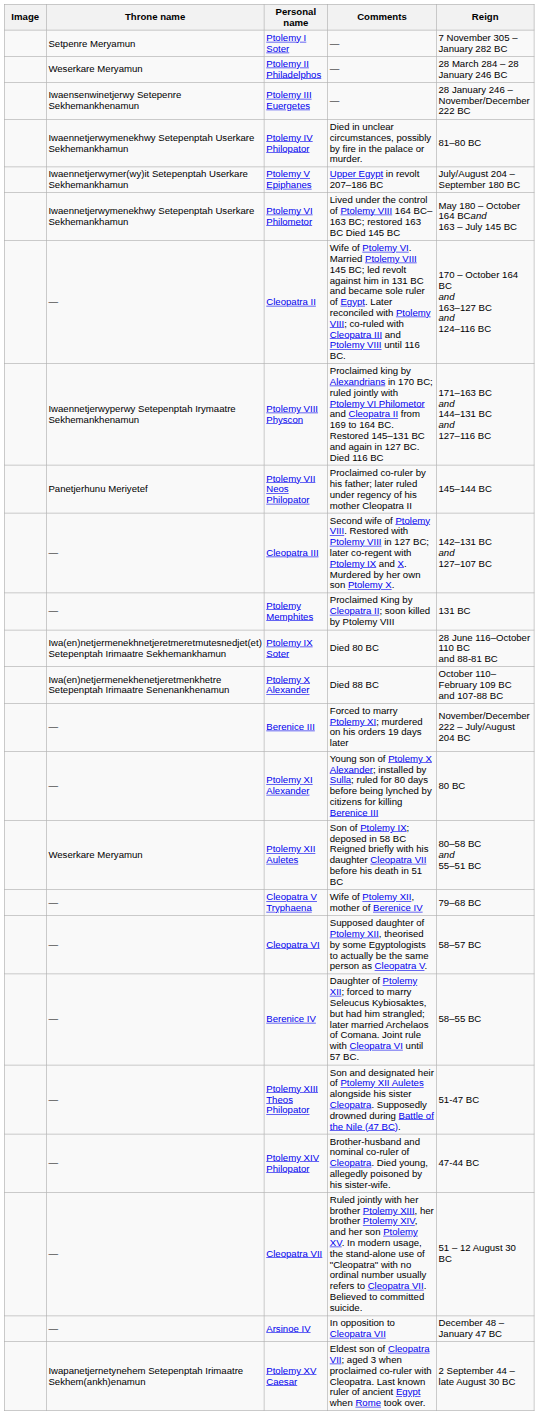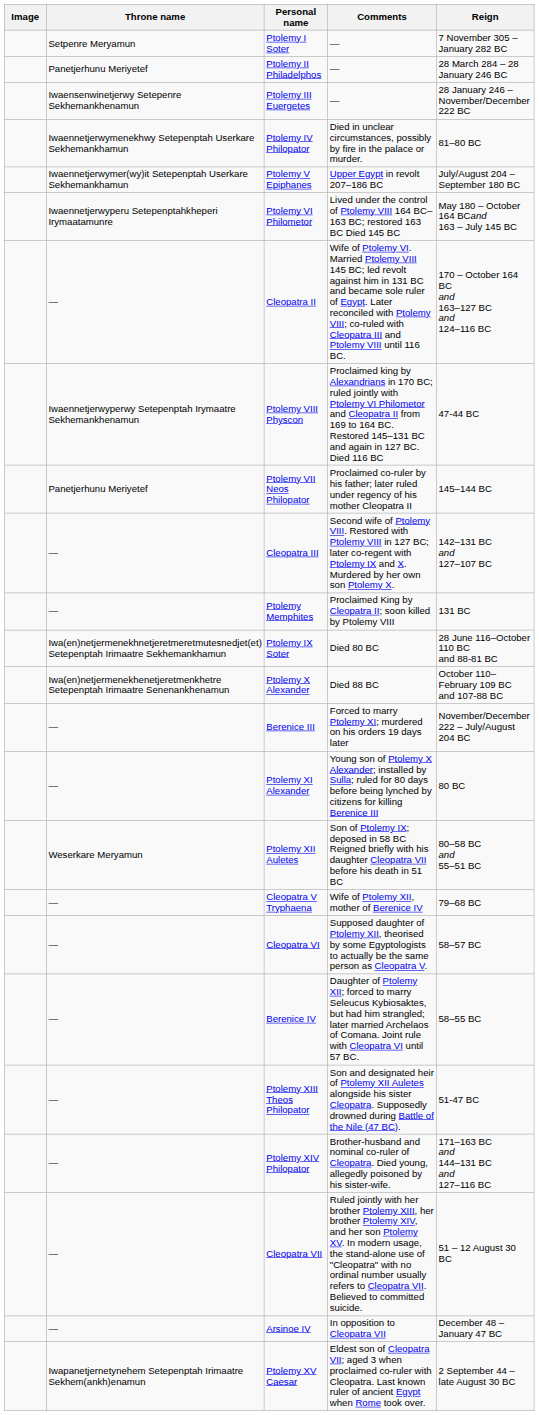 <table class="wikitable" width="100%">
 <tr>
 <th width="15%">Image</th>
 <th>Throne name</th>
 <th width="15%">Personal name</th>
 <th width="50%">Comments</th>
 <th width="20%">Reign</th>
 </tr>
 <tr>
 <td></td>
 <td>Setpenre Meryamun</td>
 <td><a href='#'>Ptolemy I Soter</a></td>
 <td>—</td>
 <td>7 November 305 – January 282 BC</td>
 </tr>
 <tr>
 <td></td>
-<td>Weserkare Meryamun</td>
+<td>Panetjerhunu Meriyetef</td>
 <td><a href='#'>Ptolemy II Philadelphos</a></td>
 <td>—</td>
 <td>28 March 284 – 28 January 246 BC</td>
 </tr>
 <tr>
 <td></td>
 <td>Iwaensenwinetjerwy Setepenre Sekhemankhenamun</td>
 <td><a href='#'>Ptolemy III Euergetes</a></td>
 <td>—</td>
 <td>28 January 246 – November/December 222 BC</td>
 </tr>
 <tr>
 <td></td>
 <td>Iwaennetjerwymenekhwy Setepenptah Userkare Sekhemankhamun</td>
 <td><a href='#'>Ptolemy IV Philopator</a></td>
 <td>Died in unclear circumstances, possibly by fire in the palace or murder.</td>
 <td>81–80 BC</td>
 </tr>
 <tr>
 <td></td>
 <td>Iwaennetjerwymer(wy)it Setepenptah Userkare Sekhemankhamun</td>
 <td><a href='#'>Ptolemy V Epiphanes</a></td>
 <td><a href='#'>Upper Egypt</a> in revolt 207–186 BC</td>
 <td>July/August 204 – September 180 BC</td>
 </tr>
 <tr>
 <td></td>
-<td>Iwaennetjerwymenekhwy Setepenptah Userkare Sekhemankhamun</td>
+<td>Iwaennetjerwyperu Setepenptahkheperi Irymaatamunre</td>
 <td><a href='#'>Ptolemy VI Philometor</a></td>
 <td>Lived under the control of <a href='#'>Ptolemy VIII</a> 164 BC–163 BC; restored 163 BC Died 145 BC</td>
 <td> May 180 – October 164 BC<em>and</em><br>163 –  July 145 BC</td>
 </tr>
 <tr>
 <td></td>
 <td>—</td>
 <td><a href='#'>Cleopatra II</a></td>
 <td>Wife of <a href='#'>Ptolemy VI</a>. Married <a href='#'>Ptolemy VIII</a>  145 BC; led revolt against him in 131 BC and became sole ruler of <a href='#'>Egypt</a>. Later reconciled with <a href='#'>Ptolemy VIII</a>; co-ruled with <a href='#'>Cleopatra III</a> and <a href='#'>Ptolemy VIII</a> until 116 BC.</td>
 <td>170 – October 164 BC<br><em>and</em><br>163–127 BC<br><em>and</em><br>124–116 BC</td>
 </tr>
 <tr>
 <td></td>
 <td>Iwaennetjerwyperwy Setepenptah Irymaatre Sekhemankhenamun</td>
 <td><a href='#'>Ptolemy VIII Physcon</a></td>
 <td width=400>Proclaimed king by <a href='#'>Alexandrians</a> in 170 BC; ruled jointly with <a href='#'>Ptolemy VI Philometor</a> and <a href='#'>Cleopatra II</a> from 169 to 164 BC. Restored 145–131 BC and again in 127 BC. Died 116 BC</td>
-<td>171–163 BC<br><em>and</em><br>144–131 BC<br><em>and</em><br>127–116 BC</td>
+<td>47-44 BC</td>
 </tr>
 <tr>
 <td></td>
 <td>Panetjerhunu Meriyetef</td>
 <td><a href='#'>Ptolemy VII Neos Philopator</a></td>
 <td>Proclaimed co-ruler by his father; later ruled under regency of his mother Cleopatra II</td>
 <td>145–144 BC</td>
 </tr>
 <tr>
 <td></td>
 <td>—</td>
 <td><a href='#'>Cleopatra III</a></td>
 <td width="400">Second wife of <a href='#'>Ptolemy VIII</a>. Restored with <a href='#'>Ptolemy VIII</a> in 127 BC; later co-regent with <a href='#'>Ptolemy IX</a> and <a href='#'>X</a>. Murdered by her own son <a href='#'>Ptolemy X</a>.</td>
 <td>142–131 BC<br><em>and</em><br>127–107 BC</td>
 </tr>
 <tr>
 <td></td>
 <td>—</td>
 <td><a href='#'>Ptolemy Memphites</a></td>
 <td>Proclaimed King by <a href='#'>Cleopatra II</a>; soon killed by Ptolemy VIII</td>
 <td>131 BC</td>
 </tr>
 <tr>
 <td></td>
 <td>Iwa(en)netjermenekhnetjeretmeretmutesnedjet(et) Setepenptah Irimaatre Sekhemankhamun</td>
 <td><a href='#'>Ptolemy IX Soter</a></td>
 <td>Died 80 BC</td>
 <td>28 June 116–October 110 BC<br>and 88-81 BC</td>
 </tr>
 <tr>
 <td></td>
 <td>Iwa(en)netjermenekhenetjeretmenkhetre Setepenptah Irimaatre Senenankhenamun</td>
 <td><a href='#'>Ptolemy X Alexander</a></td>
 <td>Died 88 BC</td>
 <td>October 110–February 109 BC<br>and 107-88 BC</td>
 </tr>
 <tr>
 <td></td>
 <td>—</td>
 <td><a href='#'>Berenice III</a></td>
 <td>Forced to marry <a href='#'>Ptolemy XI</a>; murdered on his orders 19 days later</td>
 <td>November/December 222 – July/August 204 BC</td>
 </tr>
 <tr>
 <td></td>
 <td>—</td>
 <td><a href='#'>Ptolemy XI Alexander</a></td>
 <td width=400>Young son of <a href='#'>Ptolemy X Alexander</a>; installed by <a href='#'>Sulla</a>; ruled for 80 days before being lynched by citizens for killing <a href='#'>Berenice III</a></td>
 <td>80 BC</td>
 </tr>
 <tr>
 <td></td>
 <td>Weserkare Meryamun</td>
 <td width="200"><a href='#'>Ptolemy XII Auletes</a></td>
 <td>Son of <a href='#'>Ptolemy IX</a>; deposed in 58 BC Reigned briefly with his daughter <a href='#'>Cleopatra VII</a> before his death in 51 BC</td>
 <td>80–58 BC<br><em>and</em><br>55–51 BC</td>
 </tr>
 <tr>
 <td></td>
 <td>—</td>
 <td><a href='#'>Cleopatra V Tryphaena</a></td>
 <td>Wife of <a href='#'>Ptolemy XII</a>, mother of <a href='#'>Berenice IV</a></td>
 <td>79–68 BC</td>
 </tr>
 <tr>
 <td></td>
 <td>—</td>
 <td><a href='#'>Cleopatra VI</a></td>
 <td>Supposed daughter of <a href='#'>Ptolemy XII</a>, theorised by some Egyptologists to actually be the same person as <a href='#'>Cleopatra V</a>.</td>
 <td>58–57 BC</td>
 </tr>
 <tr>
 <td></td>
 <td>—</td>
 <td><a href='#'>Berenice IV</a></td>
 <td width=400>Daughter of <a href='#'>Ptolemy XII</a>; forced to marry Seleucus Kybiosaktes, but had him strangled; later married Archelaos of Comana. Joint rule with <a href='#'>Cleopatra VI</a> until 57 BC.</td>
 <td>58–55 BC</td>
 </tr>
 <tr>
 <td></td>
 <td>—</td>
 <td><a href='#'>Ptolemy XIII Theos Philopator</a></td>
 <td>Son and designated heir of <a href='#'>Ptolemy XII Auletes</a> alongside his sister <a href='#'>Cleopatra</a>. Supposedly drowned during <a href='#'>Battle of the Nile (47 BC)</a>.</td>
 <td>51-47 BC</td>
 </tr>
 <tr>
 <td></td>
 <td>—</td>
 <td><a href='#'>Ptolemy XIV Philopator</a></td>
 <td>Brother-husband and nominal co-ruler of <a href='#'>Cleopatra</a>. Died young, allegedly poisoned by his sister-wife.</td>
-<td>47-44 BC</td>
+<td>171–163 BC<br><em>and</em><br>144–131 BC<br><em>and</em><br>127–116 BC</td>
 </tr>
 <tr>
 <td></td>
 <td>—</td>
 <td><a href='#'>Cleopatra VII</a></td>
 <td width="400">Ruled jointly with her brother <a href='#'>Ptolemy XIII</a>, her brother <a href='#'>Ptolemy XIV</a>, and her son <a href='#'>Ptolemy XV</a>. In modern usage, the stand-alone use of "Cleopatra" with no ordinal number usually refers to <a href='#'>Cleopatra VII</a>. Believed to committed suicide.</td>
 <td>51 – 12 August 30 BC</td>
 </tr>
 <tr>
 <td></td>
 <td>—</td>
 <td><a href='#'>Arsinoe IV</a></td>
 <td>In opposition to <a href='#'>Cleopatra VII</a></td>
 <td>December 48 – January 47 BC</td>
 </tr>
 <tr>
 <td></td>
 <td>Iwapanetjernetynehem Setepenptah Irimaatre Sekhem(ankh)enamun</td>
 <td><a href='#'>Ptolemy XV Caesar</a></td>
 <td>Eldest son of <a href='#'>Cleopatra VII</a>; aged 3 when proclaimed co-ruler with Cleopatra. Last known ruler of ancient <a href='#'>Egypt</a> when <a href='#'>Rome</a> took over.</td>
 <td>2 September 44 – late August 30 BC</td>
 </tr>
 </table>
